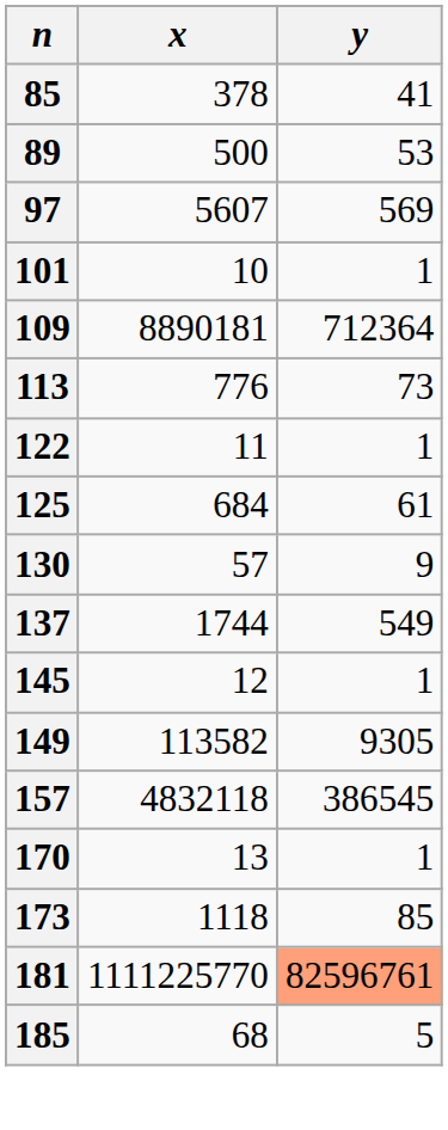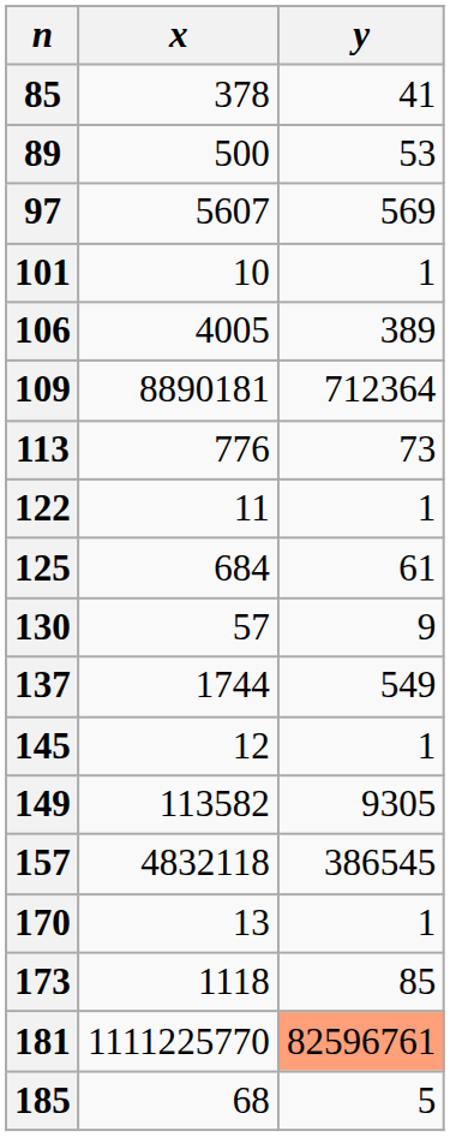 <table class="wikitable" style="text-align: right; display: inline-table;">
 <tr>
 <th><em>n</em></th>
 <th><em>x</em></th>
 <th><em>y</em></th>
 </tr>
 <tr>
 <th>85</th>
 <td>378</td>
 <td>41</td>
 </tr>
 <tr>
 <th>89</th>
 <td>500</td>
 <td>53</td>
 </tr>
 <tr>
 <th>97</th>
 <td>5607</td>
 <td>569</td>
 </tr>
 <tr>
 <th>101</th>
 <td>10</td>
 <td>1</td>
+</tr>
+<tr>
+<th>106</th>
+<td>4005</td>
+<td>389</td>
 </tr>
 <tr>
 <th>109</th>
 <td>8890181</td>
 <td>712364</td>
 </tr>
 <tr>
 <th>113</th>
 <td>776</td>
 <td>73</td>
 </tr>
 <tr>
 <th>122</th>
 <td>11</td>
 <td>1</td>
 </tr>
 <tr>
 <th>125</th>
 <td>684</td>
 <td>61</td>
 </tr>
 <tr>
 <th>130</th>
 <td>57</td>
 <td>9</td>
 </tr>
 <tr>
 <th>137</th>
 <td>1744</td>
 <td>549</td>
 </tr>
 <tr>
 <th>145</th>
 <td>12</td>
 <td>1</td>
 </tr>
 <tr>
 <th>149</th>
 <td>113582</td>
 <td>9305</td>
 </tr>
 <tr>
 <th>157</th>
 <td>4832118</td>
 <td>386545</td>
 </tr>
 <tr>
 <th>170</th>
 <td>13</td>
 <td>1</td>
 </tr>
 <tr>
 <th>173</th>
 <td>1118</td>
 <td>85</td>
 </tr>
 <tr>
 <th>181</th>
 <td>1111225770</td>
 <td style="background: lightsalmon;">82596761</td>
 </tr>
 <tr>
 <th>185</th>
 <td>68</td>
 <td>5</td>
 </tr>
 </table>
